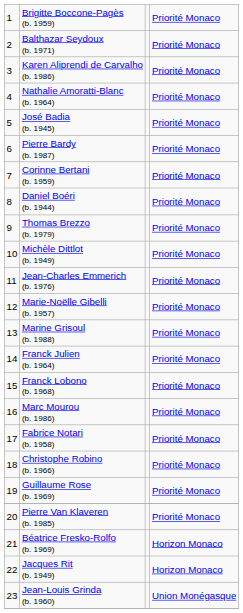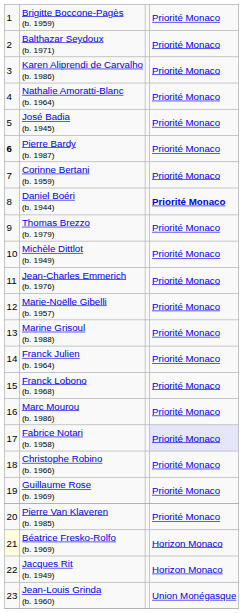 <table class="wikitable" style="font-size:95%;">
 <tr>
 <td>1</td>
 <td><a href='#'>Brigitte Boccone-Pagès</a><br><small>(b. 1959)</small></td>
 <td></td>
 <td><a href='#'>Priorité Monaco</a></td>
 </tr>
 <tr>
 <td>2</td>
 <td><a href='#'>Balthazar Seydoux</a><br><small>(b. 1971)</small></td>
 <td></td>
 <td><a href='#'>Priorité Monaco</a></td>
 </tr>
 <tr>
 <td>3</td>
 <td><a href='#'>Karen Aliprendi de Carvalho</a><br><small>(b. 1986)</small></td>
 <td></td>
 <td><a href='#'>Priorité Monaco</a></td>
 </tr>
 <tr>
 <td>4</td>
 <td><a href='#'>Nathalie Amoratti-Blanc</a><br><small>(b. 1964)</small></td>
 <td></td>
 <td><a href='#'>Priorité Monaco</a></td>
 </tr>
 <tr>
 <td>5</td>
 <td><a href='#'>José Badia</a><br><small>(b. 1945)</small></td>
 <td></td>
 <td><a href='#'>Priorité Monaco</a></td>
 </tr>
 <tr>
-<td>6</td>
+<td><strong>6</strong></td>
 <td><a href='#'>Pierre Bardy</a><br><small>(b. 1987)</small></td>
 <td></td>
 <td><a href='#'>Priorité Monaco</a></td>
 </tr>
 <tr>
 <td>7</td>
 <td><a href='#'>Corinne Bertani</a><br><small>(b. 1959)</small></td>
 <td></td>
 <td><a href='#'>Priorité Monaco</a></td>
 </tr>
 <tr>
 <td>8</td>
 <td><a href='#'>Daniel Boéri</a><br><small>(b. 1944)</small></td>
 <td></td>
-<td><a href='#'>Priorité Monaco</a></td>
+<td><strong><a href='#'>Priorité Monaco</a></strong></td>
 </tr>
 <tr>
 <td>9</td>
 <td><a href='#'>Thomas Brezzo</a><br><small>(b. 1979)</small></td>
 <td></td>
 <td><a href='#'>Priorité Monaco</a></td>
 </tr>
 <tr>
 <td>10</td>
 <td><a href='#'>Michèle Dittlot</a><br><small>(b. 1949)</small></td>
 <td></td>
 <td><a href='#'>Priorité Monaco</a></td>
 </tr>
 <tr>
 <td>11</td>
 <td><a href='#'>Jean-Charles Emmerich</a><br><small>(b. 1976)</small></td>
 <td></td>
 <td><a href='#'>Priorité Monaco</a></td>
 </tr>
 <tr>
 <td>12</td>
 <td><a href='#'>Marie-Noëlle Gibelli</a><br><small>(b. 1957)</small></td>
 <td></td>
 <td><a href='#'>Priorité Monaco</a></td>
 </tr>
 <tr>
 <td>13</td>
 <td><a href='#'>Marine Grisoul</a><br><small>(b. 1988)</small></td>
 <td></td>
 <td><a href='#'>Priorité Monaco</a></td>
 </tr>
 <tr>
 <td>14</td>
 <td><a href='#'>Franck Julien</a><br><small>(b. 1964)</small></td>
 <td></td>
 <td><a href='#'>Priorité Monaco</a></td>
 </tr>
 <tr>
 <td>15</td>
 <td><a href='#'>Franck Lobono</a><br><small>(b. 1968)</small></td>
 <td></td>
 <td><a href='#'>Priorité Monaco</a></td>
 </tr>
 <tr>
 <td>16</td>
 <td><a href='#'>Marc Mourou</a><br><small>(b. 1986)</small></td>
 <td></td>
 <td><a href='#'>Priorité Monaco</a></td>
 </tr>
 <tr>
 <td>17</td>
 <td><a href='#'>Fabrice Notari</a><br><small>(b. 1958)</small></td>
 <td></td>
-<td><a href='#'>Priorité Monaco</a></td>
+<td style="background: lavender;"><a href='#'>Priorité Monaco</a></td>
 </tr>
 <tr>
 <td>18</td>
 <td><a href='#'>Christophe Robino</a><br><small>(b. 1966)</small></td>
 <td></td>
 <td><a href='#'>Priorité Monaco</a></td>
 </tr>
 <tr>
 <td>19</td>
 <td><a href='#'>Guillaume Rose</a><br><small>(b. 1969)</small></td>
 <td></td>
 <td><a href='#'>Priorité Monaco</a></td>
 </tr>
 <tr>
 </tr>
 <tr>
 <td>20</td>
 <td><a href='#'>Pierre Van Klaveren</a><br><small>(b. 1985)</small></td>
 <td></td>
 <td><a href='#'>Priorité Monaco</a></td>
 </tr>
 <tr>
-<td>21</td>
+<td style="background: lightyellow;">21</td>
 <td><a href='#'>Béatrice Fresko-Rolfo</a><br><small>(b. 1969)</small></td>
 <td></td>
 <td><a href='#'>Horizon Monaco</a></td>
 </tr>
 <tr>
 <td>22</td>
 <td><a href='#'>Jacques Rit</a><br><small>(b. 1949)</small></td>
 <td></td>
 <td><a href='#'>Horizon Monaco</a></td>
 </tr>
 <tr>
 <td>23</td>
 <td><a href='#'>Jean-Louis Grinda</a><br><small>(b. 1960)</small></td>
 <td></td>
 <td><a href='#'>Union Monégasque</a></td>
 </tr>
 <tr>
 </tr>
 </table>
